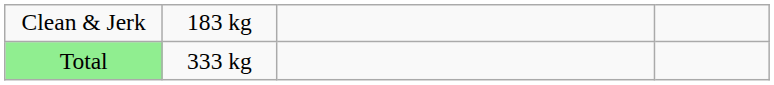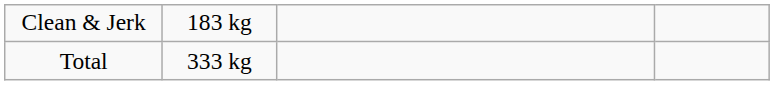 <table class = "wikitable" style="text-align:center;">
 <tr>
 <td width=100>Clean & Jerk</td>
 <td width=70>183 kg</td>
 <td width=250 align=left></td>
 <td width=70></td>
 </tr>
 <tr>
-<td style="background: lightgreen;">Total</td>
+<td>Total</td>
 <td>333 kg</td>
 <td align=left></td>
 <td></td>
 </tr>
 </table>
